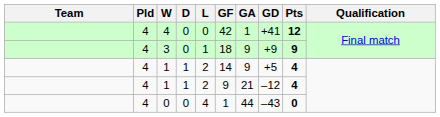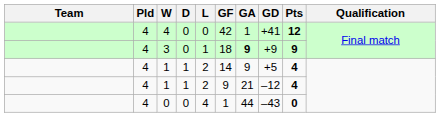 <table class="wikitable" style="text-align: center;">
 <tr>
 <th width=175>Team</th>
 <th width=20 abbr="Played">Pld</th>
 <th width=20 abbr="Won">W</th>
 <th width=20 abbr="Drawn">D</th>
 <th width=20 abbr="Lost">L</th>
 <th width=20 abbr="Goals for">GF</th>
 <th width=20 abbr="Goals against">GA</th>
 <th width=20 abbr="Goal difference">GD</th>
 <th width=20 abbr="Points">Pts</th>
 <th width=175>Qualification</th>
 </tr>
 <tr style="background:#ccffcc;">
 <td style="text-align:left;"></td>
 <td>4</td>
 <td>4</td>
 <td>0</td>
 <td>0</td>
 <td>42</td>
 <td>1</td>
 <td>+41</td>
 <td><strong>12</strong></td>
 <td rowspan="2"><a href='#'>Final match</a></td>
 </tr>
 <tr style="background:#ccffcc;">
 <td style="text-align:left;"></td>
 <td>4</td>
 <td>3</td>
 <td>0</td>
 <td>1</td>
 <td>18</td>
-<td>9</td>
+<td><strong>9</strong></td>
 <td>+9</td>
 <td><strong>9</strong></td>
 </tr>
 <tr>
 <td style="text-align:left;"></td>
 <td>4</td>
 <td>1</td>
 <td>1</td>
 <td>2</td>
 <td>14</td>
 <td>9</td>
 <td>+5</td>
 <td><strong>4</strong></td>
 <td rowspan="3"></td>
 </tr>
 <tr>
 <td style="text-align:left;"></td>
 <td>4</td>
 <td>1</td>
 <td>1</td>
 <td>2</td>
 <td>9</td>
 <td>21</td>
 <td>–12</td>
 <td><strong>4</strong></td>
 </tr>
 <tr>
 <td style="text-align:left;"></td>
 <td>4</td>
 <td>0</td>
 <td>0</td>
 <td>4</td>
 <td>1</td>
 <td>44</td>
 <td>–43</td>
 <td><strong>0</strong></td>
 </tr>
 </table>
